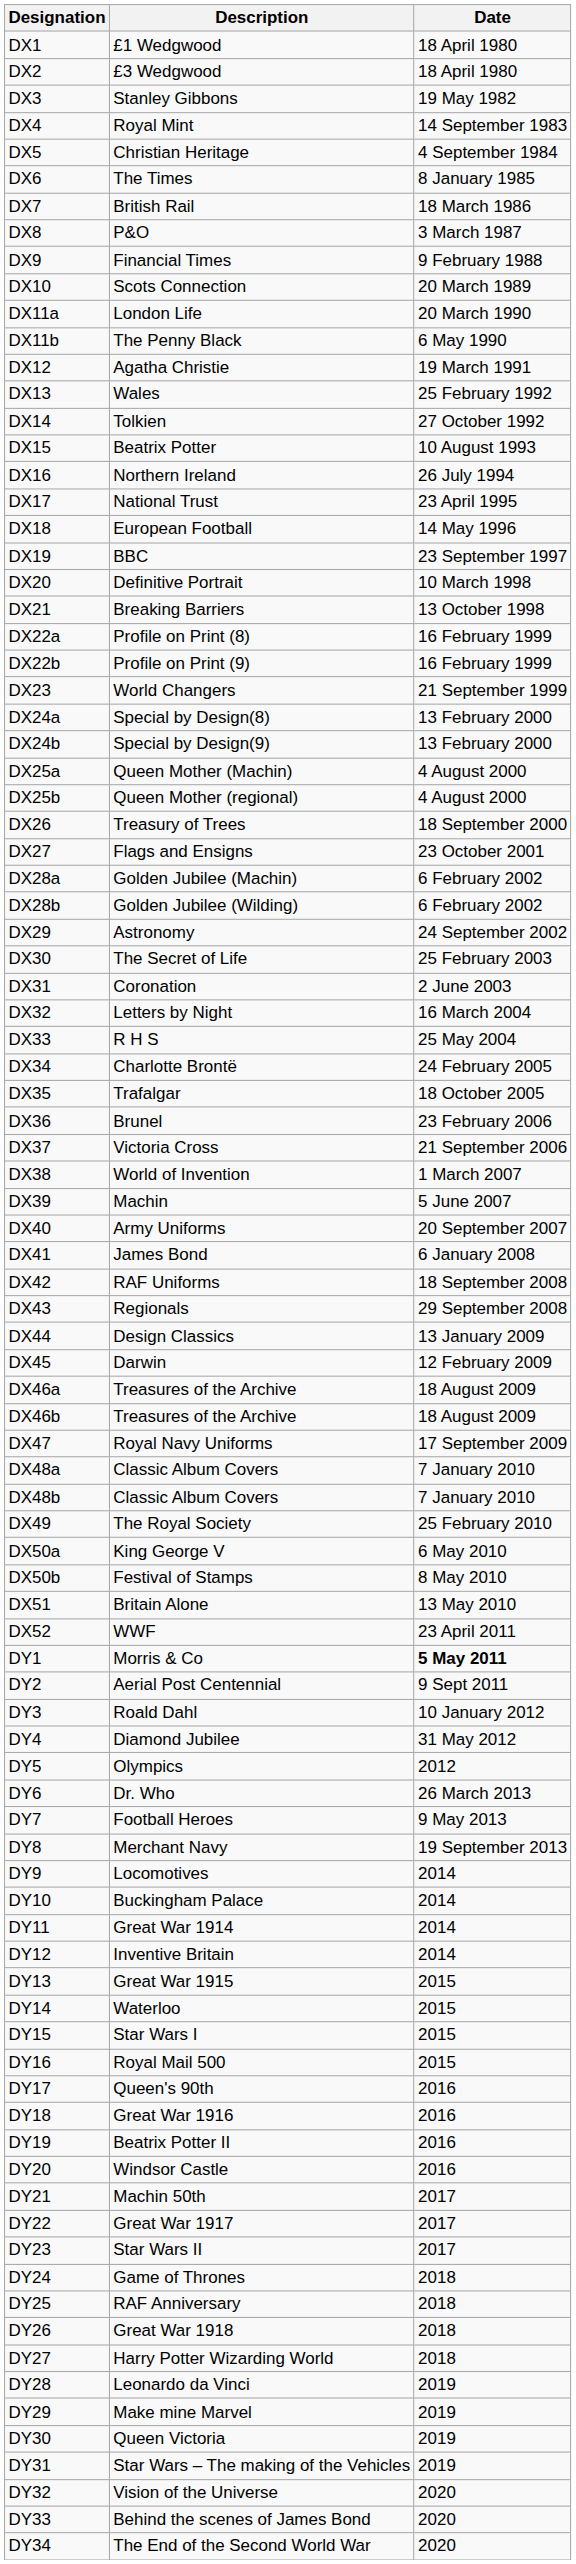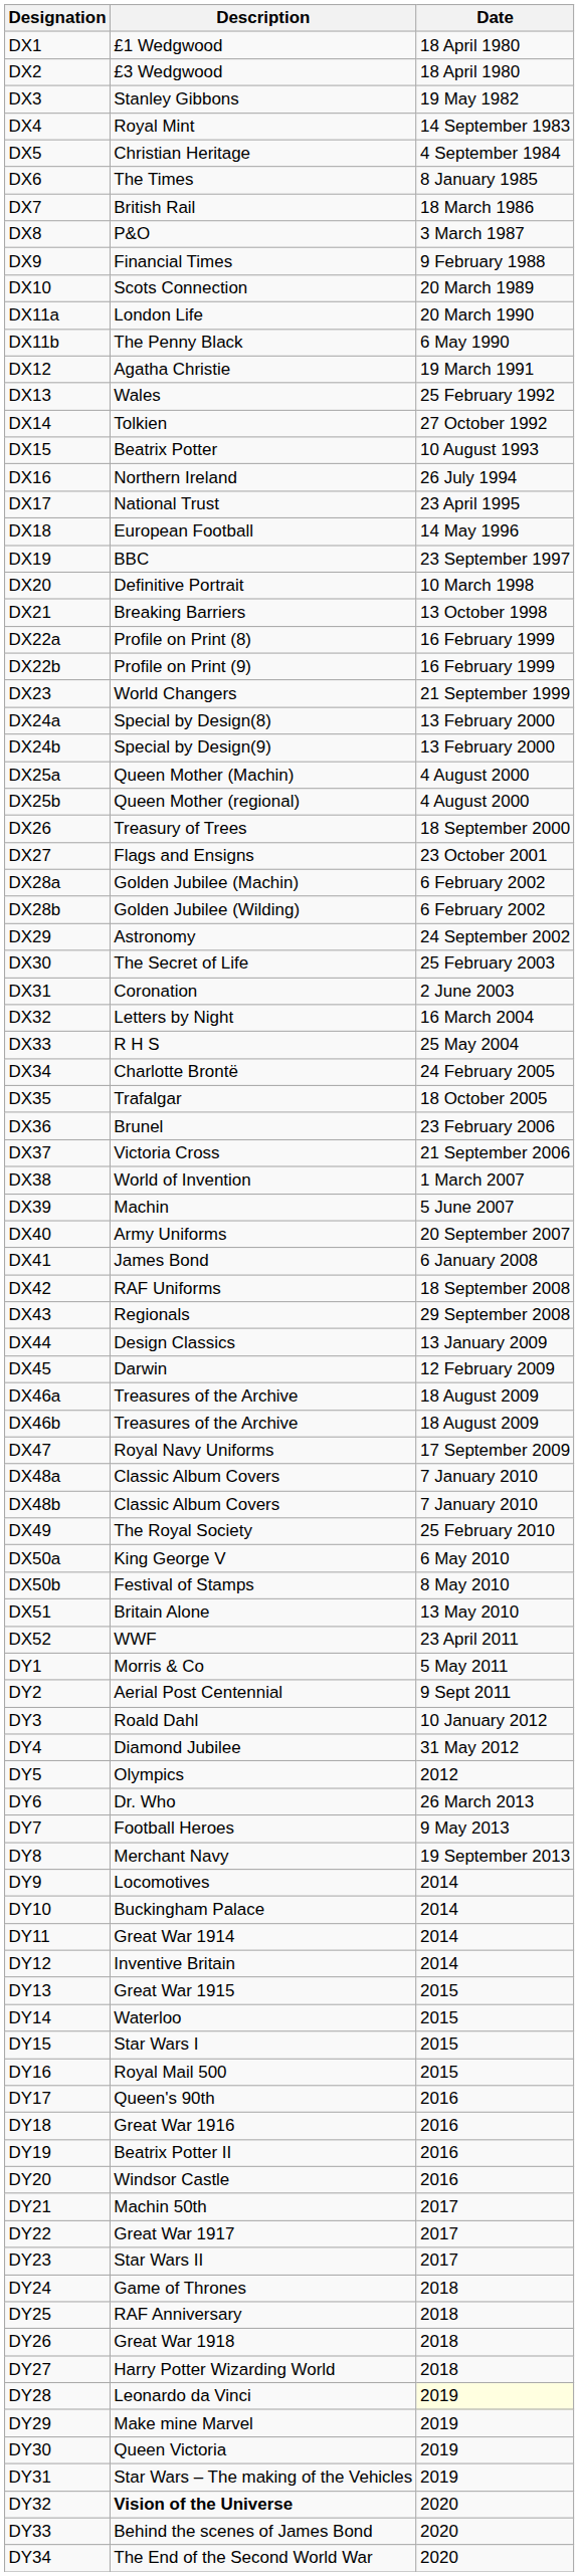 <table class=wikitable>
 <tr>
 <th>Designation</th>
 <th>Description</th>
 <th>Date</th>
 </tr>
 <tr>
 <td>DX1</td>
 <td>£1 Wedgwood</td>
 <td>18 April 1980</td>
 </tr>
 <tr>
 <td>DX2</td>
 <td>£3 Wedgwood</td>
 <td>18 April 1980</td>
 </tr>
 <tr>
 <td>DX3</td>
 <td>Stanley Gibbons</td>
 <td>19 May 1982</td>
 </tr>
 <tr>
 <td>DX4</td>
 <td>Royal Mint</td>
 <td>14 September 1983</td>
 </tr>
 <tr>
 <td>DX5</td>
 <td>Christian Heritage</td>
 <td>4 September 1984</td>
 </tr>
 <tr>
 <td>DX6</td>
 <td>The Times</td>
 <td>8 January 1985</td>
 </tr>
 <tr>
 <td>DX7</td>
 <td>British Rail</td>
 <td>18 March 1986</td>
 </tr>
 <tr>
 <td>DX8</td>
 <td>P&O</td>
 <td>3 March 1987</td>
 </tr>
 <tr>
 <td>DX9</td>
 <td>Financial Times</td>
 <td>9 February 1988</td>
 </tr>
 <tr>
 <td>DX10</td>
 <td>Scots Connection</td>
 <td>20 March 1989</td>
 </tr>
 <tr>
 <td>DX11a</td>
 <td>London Life</td>
 <td>20 March 1990</td>
 </tr>
 <tr>
 <td>DX11b</td>
 <td>The Penny Black</td>
 <td>6 May 1990</td>
 </tr>
 <tr>
 <td>DX12</td>
 <td>Agatha Christie</td>
 <td>19 March 1991</td>
 </tr>
 <tr>
 <td>DX13</td>
 <td>Wales</td>
 <td>25 February 1992</td>
 </tr>
 <tr>
 <td>DX14</td>
 <td>Tolkien</td>
 <td>27 October 1992</td>
 </tr>
 <tr>
 <td>DX15</td>
 <td>Beatrix Potter</td>
 <td>10 August 1993</td>
 </tr>
 <tr>
 <td>DX16</td>
 <td>Northern Ireland</td>
 <td>26 July 1994</td>
 </tr>
 <tr>
 <td>DX17</td>
 <td>National Trust</td>
 <td>23 April 1995</td>
 </tr>
 <tr>
 <td>DX18</td>
 <td>European Football</td>
 <td>14 May 1996</td>
 </tr>
 <tr>
 <td>DX19</td>
 <td>BBC</td>
 <td>23 September 1997</td>
 </tr>
 <tr>
 <td>DX20</td>
 <td>Definitive Portrait</td>
 <td>10 March 1998</td>
 </tr>
 <tr>
 <td>DX21</td>
 <td>Breaking Barriers</td>
 <td>13 October 1998</td>
 </tr>
 <tr>
 <td>DX22a</td>
 <td>Profile on Print (8)</td>
 <td>16 February 1999</td>
 </tr>
 <tr>
 <td>DX22b</td>
 <td>Profile on Print (9)</td>
 <td>16 February 1999</td>
 </tr>
 <tr>
 <td>DX23</td>
 <td>World Changers</td>
 <td>21 September 1999</td>
 </tr>
 <tr>
 <td>DX24a</td>
 <td>Special by Design(8)</td>
 <td>13 February 2000</td>
 </tr>
 <tr>
 <td>DX24b</td>
 <td>Special by Design(9)</td>
 <td>13 February 2000</td>
 </tr>
 <tr>
 <td>DX25a</td>
 <td>Queen Mother (Machin)</td>
 <td>4 August 2000</td>
 </tr>
 <tr>
 <td>DX25b</td>
 <td>Queen Mother (regional)</td>
 <td>4 August 2000</td>
 </tr>
 <tr>
 <td>DX26</td>
 <td>Treasury of Trees</td>
 <td>18 September 2000</td>
 </tr>
 <tr>
 <td>DX27</td>
 <td>Flags and Ensigns</td>
 <td>23 October 2001</td>
 </tr>
 <tr>
 <td>DX28a</td>
 <td>Golden Jubilee (Machin)</td>
 <td>6 February 2002</td>
 </tr>
 <tr>
 <td>DX28b</td>
 <td>Golden Jubilee (Wilding)</td>
 <td>6 February 2002</td>
 </tr>
 <tr>
 <td>DX29</td>
 <td>Astronomy</td>
 <td>24 September 2002</td>
 </tr>
 <tr>
 <td>DX30</td>
 <td>The Secret of Life</td>
 <td>25 February 2003</td>
 </tr>
 <tr>
 <td>DX31</td>
 <td>Coronation</td>
 <td>2 June 2003</td>
 </tr>
 <tr>
 <td>DX32</td>
 <td>Letters by Night</td>
 <td>16 March 2004</td>
 </tr>
 <tr>
 <td>DX33</td>
 <td>R H S</td>
 <td>25 May 2004</td>
 </tr>
 <tr>
 <td>DX34</td>
 <td>Charlotte Brontë</td>
 <td>24 February 2005</td>
 </tr>
 <tr>
 <td>DX35</td>
 <td>Trafalgar</td>
 <td>18 October 2005</td>
 </tr>
 <tr>
 <td>DX36</td>
 <td>Brunel</td>
 <td>23 February 2006</td>
 </tr>
 <tr>
 <td>DX37</td>
 <td>Victoria Cross</td>
 <td>21 September 2006</td>
 </tr>
 <tr>
 <td>DX38</td>
 <td>World of Invention</td>
 <td>1 March 2007</td>
 </tr>
 <tr>
 <td>DX39</td>
 <td>Machin</td>
 <td>5 June 2007</td>
 </tr>
 <tr>
 <td>DX40</td>
 <td>Army Uniforms</td>
 <td>20 September 2007</td>
 </tr>
 <tr>
 <td>DX41</td>
 <td>James Bond</td>
 <td>6 January 2008</td>
 </tr>
 <tr>
 <td>DX42</td>
 <td>RAF Uniforms</td>
 <td>18 September 2008</td>
 </tr>
 <tr>
 <td>DX43</td>
 <td>Regionals</td>
 <td>29 September 2008</td>
 </tr>
 <tr>
 <td>DX44</td>
 <td>Design Classics</td>
 <td>13 January 2009</td>
 </tr>
 <tr>
 <td>DX45</td>
 <td>Darwin</td>
 <td>12 February 2009</td>
 </tr>
 <tr>
 <td>DX46a</td>
 <td>Treasures of the Archive</td>
 <td>18 August 2009</td>
 </tr>
 <tr>
 <td>DX46b</td>
 <td>Treasures of the Archive</td>
 <td>18 August 2009</td>
 </tr>
 <tr>
 <td>DX47</td>
 <td>Royal Navy Uniforms</td>
 <td>17 September 2009</td>
 </tr>
 <tr>
 <td>DX48a</td>
 <td>Classic Album Covers</td>
 <td>7 January 2010</td>
 </tr>
 <tr>
 <td>DX48b</td>
 <td>Classic Album Covers</td>
 <td>7 January 2010</td>
 </tr>
 <tr>
 <td>DX49</td>
 <td>The Royal Society</td>
 <td>25 February 2010</td>
 </tr>
 <tr>
 <td>DX50a</td>
 <td>King George V</td>
 <td>6 May 2010</td>
 </tr>
 <tr>
 <td>DX50b</td>
 <td>Festival of Stamps</td>
 <td>8 May 2010</td>
 </tr>
 <tr>
 <td>DX51</td>
 <td>Britain Alone</td>
 <td>13 May 2010</td>
 </tr>
 <tr>
 <td>DX52</td>
 <td>WWF</td>
 <td>23 April 2011</td>
 </tr>
 <tr>
 <td>DY1</td>
 <td>Morris & Co</td>
-<td><strong>5 May 2011</strong></td>
+<td>5 May 2011</td>
 </tr>
 <tr>
 <td>DY2</td>
 <td>Aerial Post Centennial</td>
 <td>9 Sept 2011</td>
 </tr>
 <tr>
 <td>DY3</td>
 <td>Roald Dahl</td>
 <td>10 January 2012</td>
 </tr>
 <tr>
 <td>DY4</td>
 <td>Diamond Jubilee</td>
 <td>31 May 2012</td>
 </tr>
 <tr>
 <td>DY5</td>
 <td>Olympics</td>
 <td>2012</td>
 </tr>
 <tr>
 <td>DY6</td>
 <td>Dr. Who</td>
 <td>26 March 2013</td>
 </tr>
 <tr>
 <td>DY7</td>
 <td>Football Heroes</td>
 <td>9 May 2013</td>
 </tr>
 <tr>
 <td>DY8</td>
 <td>Merchant Navy</td>
 <td>19 September 2013</td>
 </tr>
 <tr>
 <td>DY9</td>
 <td>Locomotives</td>
 <td>2014</td>
 </tr>
 <tr>
 <td>DY10</td>
 <td>Buckingham Palace</td>
 <td>2014</td>
 </tr>
 <tr>
 <td>DY11</td>
 <td>Great War 1914</td>
 <td>2014</td>
 </tr>
 <tr>
 <td>DY12</td>
 <td>Inventive Britain</td>
 <td>2014</td>
 </tr>
 <tr>
 <td>DY13</td>
 <td>Great War 1915</td>
 <td>2015</td>
 </tr>
 <tr>
 <td>DY14</td>
 <td>Waterloo</td>
 <td>2015</td>
 </tr>
 <tr>
 <td>DY15</td>
 <td>Star Wars I</td>
 <td>2015</td>
 </tr>
 <tr>
 <td>DY16</td>
 <td>Royal Mail 500</td>
 <td>2015</td>
 </tr>
 <tr>
 <td>DY17</td>
 <td>Queen's 90th</td>
 <td>2016</td>
 </tr>
 <tr>
 <td>DY18</td>
 <td>Great War 1916</td>
 <td>2016</td>
 </tr>
 <tr>
 <td>DY19</td>
 <td>Beatrix Potter II</td>
 <td>2016</td>
 </tr>
 <tr>
 <td>DY20</td>
 <td>Windsor Castle</td>
 <td>2016</td>
 </tr>
 <tr>
 <td>DY21</td>
 <td>Machin 50th</td>
 <td>2017</td>
 </tr>
 <tr>
 <td>DY22</td>
 <td>Great War 1917</td>
 <td>2017</td>
 </tr>
 <tr>
 <td>DY23</td>
 <td>Star Wars II</td>
 <td>2017</td>
 </tr>
 <tr>
 <td>DY24</td>
 <td>Game of Thrones</td>
 <td>2018</td>
 </tr>
 <tr>
 <td>DY25</td>
 <td>RAF Anniversary</td>
 <td>2018</td>
 </tr>
 <tr>
 <td>DY26</td>
 <td>Great War 1918</td>
 <td>2018</td>
 </tr>
 <tr>
 <td>DY27</td>
 <td>Harry Potter Wizarding World</td>
 <td>2018</td>
 </tr>
 <tr>
 <td>DY28</td>
 <td>Leonardo da Vinci</td>
-<td>2019</td>
+<td style="background: lightyellow;">2019</td>
 </tr>
 <tr>
 <td>DY29</td>
 <td>Make mine Marvel</td>
 <td>2019</td>
 </tr>
 <tr>
 <td>DY30</td>
 <td>Queen Victoria</td>
 <td>2019</td>
 </tr>
 <tr>
 <td>DY31</td>
 <td>Star Wars – The making of the Vehicles</td>
 <td>2019</td>
 </tr>
 <tr>
 <td>DY32</td>
-<td>Vision of the Universe</td>
+<td><strong>Vision of the Universe</strong></td>
 <td>2020</td>
 </tr>
 <tr>
 <td>DY33</td>
 <td>Behind the scenes of James Bond</td>
 <td>2020</td>
 </tr>
 <tr>
 <td>DY34</td>
 <td>The End of the Second World War</td>
 <td>2020</td>
 </tr>
 <tr>
 </tr>
 </table>
